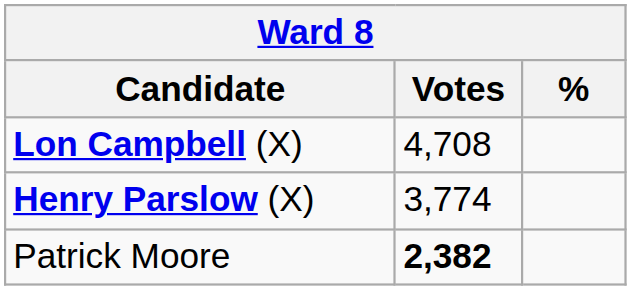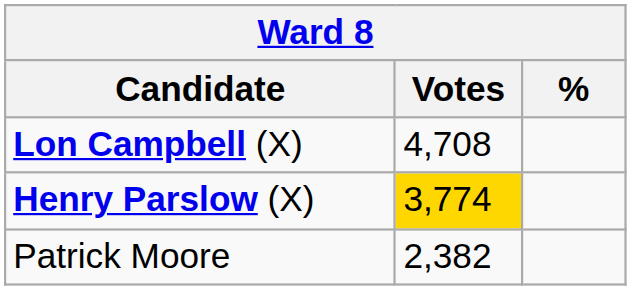 <table class="wikitable">
 <tr>
 <th colspan="3"><a href='#'>Ward 8</a></th>
 </tr>
 <tr>
 <th style="width: 170px">Candidate</th>
 <th style="width: 50px">Votes</th>
 <th style="width: 40px">%</th>
 </tr>
 <tr>
 <td><strong><a href='#'>Lon Campbell</a></strong> (X)</td>
 <td>4,708</td>
 <td></td>
 </tr>
 <tr>
 <td><strong><a href='#'>Henry Parslow</a></strong> (X)</td>
-<td>3,774</td>
+<td style="background: gold;">3,774</td>
 <td></td>
 </tr>
 <tr>
 <td>Patrick Moore</td>
-<td><strong>2,382</strong></td>
+<td>2,382</td>
 <td></td>
 </tr>
 </table>
